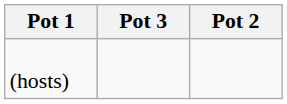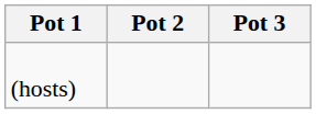 <table class="wikitable">
 <tr>
 <th width="25%">Pot 1</th>
+<th width="25%">Pot 2</th>
 <th width="25%">Pot 3</th>
-<th width="25%">Pot 2</th>
 </tr>
 <tr>
 <td><br> (hosts)<br> </td>
 <td><br><br> </td>
 <td><br><br> </td>
 </tr>
 </table>
